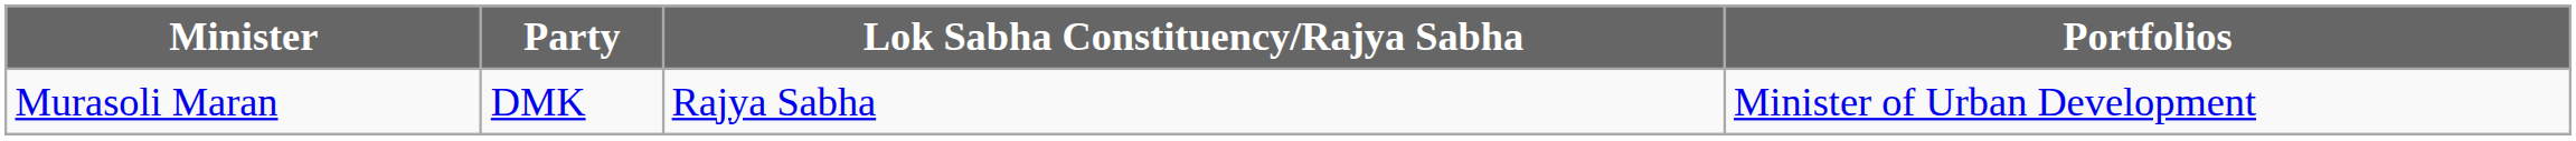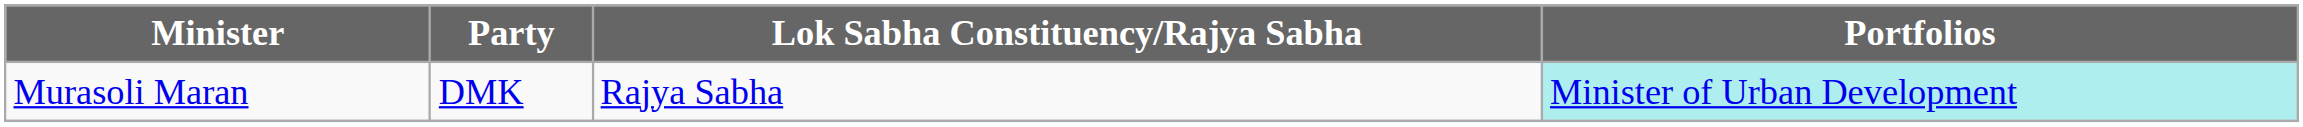 <table class="wikitable" width="80%" style="font-size: x-big; font-family: verdana">
 <tr>
 <th style="background-color:#666666; color:white; width:180px">Minister</th>
 <th style="background-color:#666666; color:white">Party</th>
 <th style="background-color:#666666; color:white">Lok Sabha Constituency/Rajya Sabha</th>
 <th style="background-color:#666666; color:white">Portfolios</th>
 </tr>
 <tr -->
 <td><a href='#'>Murasoli Maran</a></td>
 <td><a href='#'>DMK</a></td>
 <td><a href='#'>Rajya Sabha</a></td>
-<td><a href='#'>Minister of Urban Development</a></td>
+<td style="background: paleturquoise;"><a href='#'>Minister of Urban Development</a></td>
 </tr>
 <tr -->
 </tr>
 </table>
